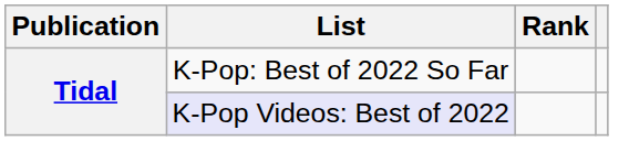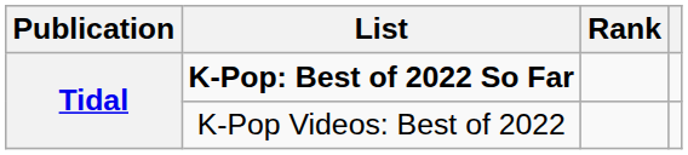 <table class="wikitable plainrowheaders sortable" style="text-align:center;">
 <tr>
 <th>Publication</th>
 <th>List</th>
 <th>Rank</th>
 <th class=unsortable></th>
 </tr>
 <tr>
 <th scope="row" rowspan="2"><a href='#'>Tidal</a></th>
-<td>K-Pop: Best of 2022 So Far</td>
+<td><strong>K-Pop: Best of 2022 So Far</strong></td>
 <td></td>
 <td></td>
 </tr>
 <tr>
-<td style="background: lavender;">K-Pop Videos: Best of 2022</td>
+<td>K-Pop Videos: Best of 2022</td>
 <td></td>
 <td></td>
 </tr>
 </table>
